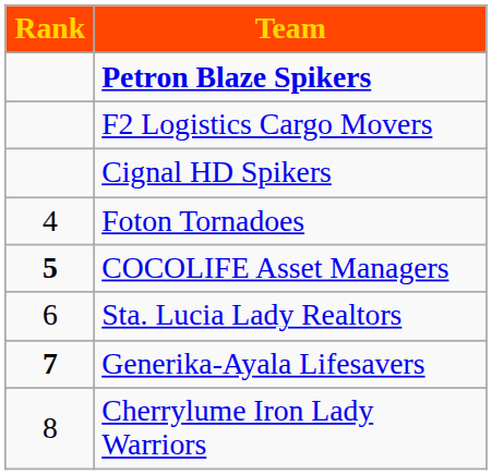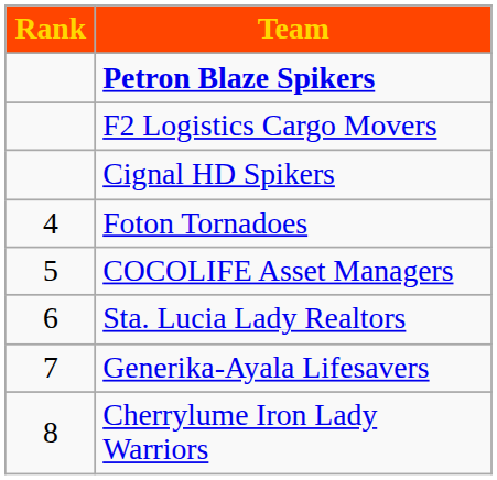 <table class="wikitable" style="text-align: center">
 <tr>
 <th width=40 style="background:#FF4500; color:#FFD700;">Rank</th>
 <th width=200 style="background:#FF4500; color:#FFD700;">Team</th>
 </tr>
 <tr>
 <td></td>
 <td align="left"><strong><a href='#'>Petron Blaze Spikers</a></strong></td>
 </tr>
 <tr>
 <td></td>
 <td align="left"><a href='#'>F2 Logistics Cargo Movers</a></td>
 </tr>
 <tr>
 <td></td>
 <td align="left"><a href='#'>Cignal HD Spikers</a></td>
 </tr>
 <tr>
 <td>4</td>
 <td align="left"><a href='#'>Foton Tornadoes</a></td>
 </tr>
 <tr>
-<td><strong>5</strong></td>
+<td>5</td>
 <td align="left"><a href='#'>COCOLIFE Asset Managers</a></td>
 </tr>
 <tr>
 <td>6</td>
 <td align="left"><a href='#'>Sta. Lucia Lady Realtors</a></td>
 </tr>
 <tr>
-<td><strong>7</strong></td>
+<td>7</td>
 <td align="left"><a href='#'>Generika-Ayala Lifesavers</a></td>
 </tr>
 <tr>
 <td>8</td>
 <td align="left"><a href='#'>Cherrylume Iron Lady Warriors</a></td>
 </tr>
 </table>
